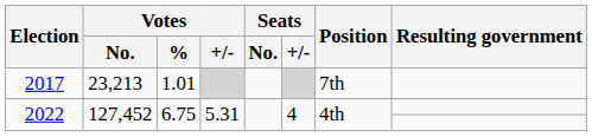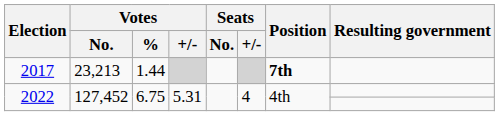 <table class="wikitable">
 <tr>
 <th rowspan="2" style="background-color:">Election</th>
 <th colspan="3" style="background-color:">Votes</th>
 <th colspan="2" style="background-color:">Seats</th>
 <th rowspan="2" style="background-color:">Position</th>
 <th rowspan="2" style="background-color:">Resulting government</th>
 </tr>
 <tr>
 <th style="background-color:">No.</th>
 <th style="background-color:">%</th>
 <th style="background-color:">+/-</th>
 <th style="background-color:">No.</th>
 <th style="background-color:">+/-</th>
 </tr>
 <tr>
 <td style="text-align: center;"><a href='#'>2017</a></td>
 <td>23,213</td>
-<td>1.01</td>
+<td>1.44</td>
 <td bgcolor="lightgray"></td>
 <td></td>
 <td bgcolor="lightgray"></td>
-<td>7th</td>
+<td><strong>7th</strong></td>
 <td></td>
 </tr>
 <tr>
 <td rowspan="2" style="text-align: center;"><a href='#'>2022</a></td>
 <td rowspan="2">127,452</td>
 <td rowspan="2">6.75</td>
 <td rowspan="2"> 5.31</td>
 <td rowspan="2"></td>
 <td rowspan="2"> 4</td>
 <td rowspan="2"> 4th</td>
 <td></td>
 </tr>
 <tr>
 <td></td>
 </tr>
 </table>
